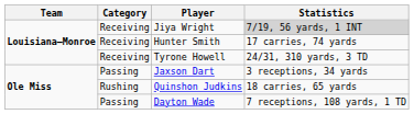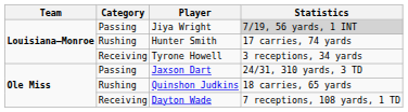 <table class="wikitable" style="float: right;">
 <tr>
 <th>Team</th>
 <th>Category</th>
 <th>Player</th>
 <th>Statistics</th>
 </tr>
 <tr>
 <td rowspan=3><strong>Louisiana–Monroe</strong></td>
-<td>Receiving</td>
+<td>Passing</td>
 <td>Jiya Wright</td>
 <td style="background: lightgrey;">7/19, 56 yards, 1 INT</td>
 </tr>
 <tr>
-<td>Receiving</td>
+<td>Rushing</td>
 <td>Hunter Smith</td>
 <td>17 carries, 74 yards</td>
 </tr>
 <tr>
 <td>Receiving</td>
 <td>Tyrone Howell</td>
-<td>24/31, 310 yards, 3 TD</td>
+<td>3 receptions, 34 yards</td>
 </tr>
 <tr>
 <td rowspan=3><strong>Ole Miss</strong></td>
 <td>Passing</td>
 <td><a href='#'>Jaxson Dart</a></td>
-<td>3 receptions, 34 yards</td>
+<td>24/31, 310 yards, 3 TD</td>
 </tr>
 <tr>
 <td>Rushing</td>
 <td><a href='#'>Quinshon Judkins</a></td>
 <td>18 carries, 65 yards</td>
 </tr>
 <tr>
-<td>Passing</td>
+<td>Receiving</td>
 <td><a href='#'>Dayton Wade</a></td>
 <td>7 receptions, 108 yards, 1 TD</td>
 </tr>
 </table>
